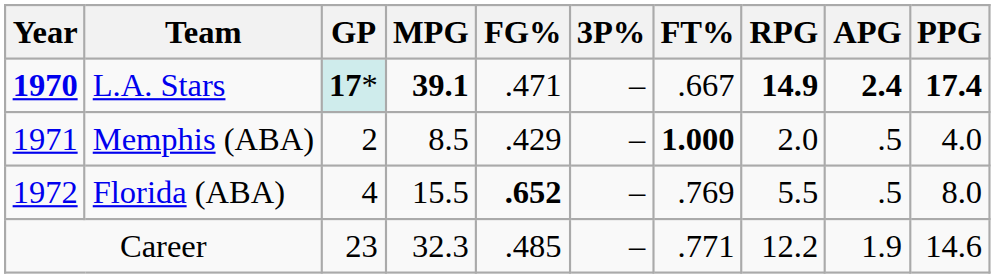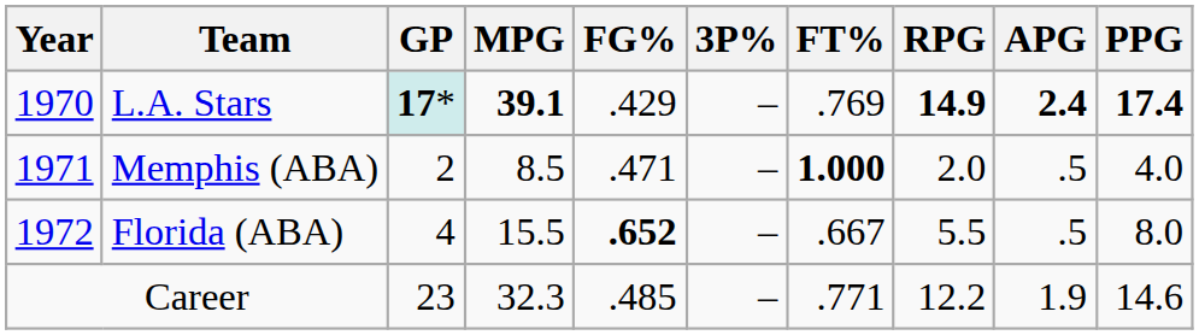 <table class="wikitable sortable" style="font-size:95%; text-align:right;">
 <tr>
 <th>Year</th>
 <th>Team</th>
 <th>GP</th>
 <th>MPG</th>
 <th>FG%</th>
 <th>3P%</th>
 <th>FT%</th>
 <th>RPG</th>
 <th>APG</th>
 <th>PPG</th>
 </tr>
 <tr>
-<td style="text-align:left;"><strong><a href='#'>1970</a></strong></td>
+<td style="text-align:left;"><a href='#'>1970</a></td>
 <td style="text-align:left;"><a href='#'>L.A. Stars</a></td>
 <td style="background:#cfecec;"><strong>17</strong>*</td>
 <td><strong>39.1</strong></td>
-<td>.471</td>
+<td>.429</td>
 <td>–</td>
-<td>.667</td>
+<td>.769</td>
 <td><strong>14.9</strong></td>
 <td><strong>2.4</strong></td>
 <td><strong>17.4</strong></td>
 </tr>
 <tr>
 <td style="text-align:left;"><a href='#'>1971</a></td>
 <td style="text-align:left;"><a href='#'>Memphis</a> (ABA)</td>
 <td>2</td>
 <td>8.5</td>
-<td>.429</td>
+<td>.471</td>
 <td>–</td>
 <td><strong>1.000</strong></td>
 <td>2.0</td>
 <td>.5</td>
 <td>4.0</td>
 </tr>
 <tr>
 <td style="text-align:left;"><a href='#'>1972</a></td>
 <td style="text-align:left;"><a href='#'>Florida</a> (ABA)</td>
 <td>4</td>
 <td>15.5</td>
 <td><strong>.652</strong></td>
 <td>–</td>
-<td>.769</td>
+<td>.667</td>
 <td>5.5</td>
 <td>.5</td>
 <td>8.0</td>
 </tr>
 <tr class="sortbottom">
 <td colspan="2" style="text-align:center;">Career</td>
 <td>23</td>
 <td>32.3</td>
 <td>.485</td>
 <td>–</td>
 <td>.771</td>
 <td>12.2</td>
 <td>1.9</td>
 <td>14.6</td>
 </tr>
 </table>
